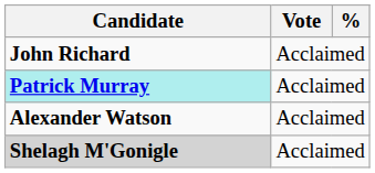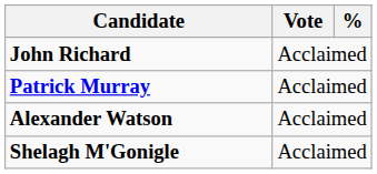 <table class="wikitable">
 <tr>
 <th bgcolor="#DDDDFF" width="200px">Candidate</th>
 <th bgcolor="#DDDDFF">Vote</th>
 <th bgcolor="#DDDDFF">%</th>
 </tr>
 <tr>
 <td><strong>John Richard</strong></td>
 <td colspan="2">Acclaimed</td>
 </tr>
 <tr>
-<td style="background: paleturquoise;"><strong><a href='#'>Patrick Murray</a></strong></td>
+<td><strong><a href='#'>Patrick Murray</a></strong></td>
 <td colspan="2">Acclaimed</td>
 </tr>
 <tr>
 <td><strong>Alexander Watson</strong></td>
 <td colspan="2">Acclaimed</td>
 </tr>
 <tr>
-<td style="background: lightgrey;"><strong>Shelagh M'Gonigle</strong></td>
+<td><strong>Shelagh M'Gonigle</strong></td>
 <td colspan="2">Acclaimed</td>
 </tr>
 </table>
